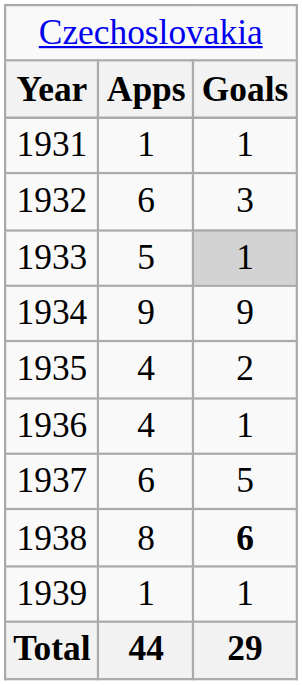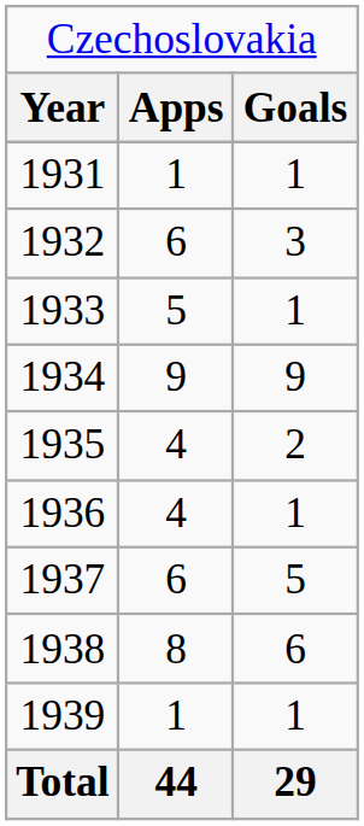 <table class="wikitable" style="text-align:center">
 <tr>
 <td colspan=3><a href='#'>Czechoslovakia</a></td>
 </tr>
 <tr>
 <th>Year</th>
 <th>Apps</th>
 <th>Goals</th>
 </tr>
 <tr>
 </tr>
 <tr>
 <td>1931</td>
 <td>1</td>
 <td>1</td>
 </tr>
 <tr>
 <td>1932</td>
 <td>6</td>
 <td>3</td>
 </tr>
 <tr>
 <td>1933</td>
 <td>5</td>
-<td style="background: lightgrey;">1</td>
+<td>1</td>
 </tr>
 <tr>
 <td>1934</td>
 <td>9</td>
 <td>9</td>
 </tr>
 <tr>
 <td>1935</td>
 <td>4</td>
 <td>2</td>
 </tr>
 <tr>
 <td>1936</td>
 <td>4</td>
 <td>1</td>
 </tr>
 <tr>
 <td>1937</td>
 <td>6</td>
 <td>5</td>
 </tr>
 <tr>
 <td>1938</td>
 <td>8</td>
-<td><strong>6</strong></td>
+<td>6</td>
 </tr>
 <tr>
 <td>1939</td>
 <td>1</td>
 <td>1</td>
 </tr>
 <tr>
 <th>Total</th>
 <th>44</th>
 <th>29</th>
 </tr>
 </table>
